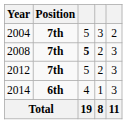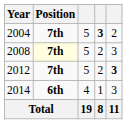 <table class="wikitable" style="text-align: center;font-size:90%;">
 <tr>
 <th>Year</th>
 <th>Position</th>
 <th></th>
 <th></th>
 <th></th>
 </tr>
 <tr>
 <td> 2004</td>
 <td><strong>7th</strong></td>
 <td>5</td>
-<td>3</td>
+<td><strong>3</strong></td>
 <td>2</td>
 </tr>
 <tr>
 <td> 2008</td>
-<td><strong>7th</strong></td>
-<td><strong>5</strong></td>
+<td style="background: lightyellow;"><strong>7th</strong></td>
+<td>5</td>
 <td>2</td>
 <td>3</td>
 </tr>
 <tr>
 <td> 2012</td>
 <td><strong>7th</strong></td>
 <td>5</td>
 <td>2</td>
-<td>3</td>
+<td><strong>3</strong></td>
 </tr>
 <tr>
 <td> 2014</td>
 <td><strong>6th</strong></td>
 <td>4</td>
 <td>1</td>
 <td>3</td>
 </tr>
 <tr>
 <th colspan=2 align=left>Total</th>
 <th>19</th>
 <th>8</th>
 <th>11</th>
 </tr>
 </table>
